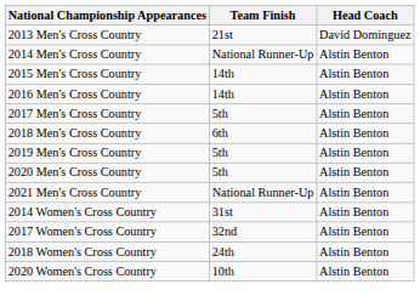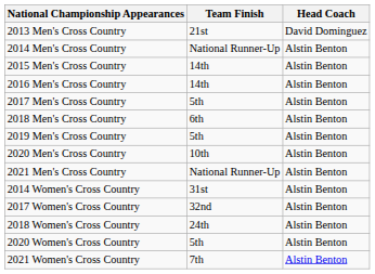 <table class="wikitable">
 <tr>
 <th>National Championship Appearances</th>
 <th>Team Finish</th>
 <th>Head Coach</th>
 </tr>
 <tr>
 <td>2013 Men's Cross Country</td>
 <td>21st</td>
 <td>David Dominguez</td>
 </tr>
 <tr>
 <td>2014 Men's Cross Country</td>
 <td>National Runner-Up</td>
 <td>Alstin Benton</td>
 </tr>
 <tr>
 <td>2015 Men's Cross Country</td>
 <td>14th</td>
 <td>Alstin Benton</td>
 </tr>
 <tr>
 <td>2016 Men's Cross Country</td>
 <td>14th</td>
 <td>Alstin Benton</td>
 </tr>
 <tr>
 <td>2017 Men's Cross Country</td>
 <td>5th</td>
 <td>Alstin Benton</td>
 </tr>
 <tr>
 <td>2018 Men's Cross Country</td>
 <td>6th</td>
 <td>Alstin Benton</td>
 </tr>
 <tr>
 <td>2019 Men's Cross Country</td>
 <td>5th</td>
 <td>Alstin Benton</td>
 </tr>
 <tr>
 <td>2020 Men's Cross Country</td>
-<td>5th</td>
+<td>10th</td>
 <td>Alstin Benton</td>
 </tr>
 <tr>
 <td>2021 Men's Cross Country</td>
 <td>National Runner-Up</td>
 <td>Alstin Benton</td>
 </tr>
 <tr>
 <td>2014 Women's Cross Country</td>
 <td>31st</td>
 <td>Alstin Benton</td>
 </tr>
 <tr>
 <td>2017 Women's Cross Country</td>
 <td>32nd</td>
 <td>Alstin Benton</td>
 </tr>
 <tr>
 <td>2018 Women's Cross Country</td>
 <td>24th</td>
 <td>Alstin Benton</td>
 </tr>
 <tr>
 <td>2020 Women's Cross Country</td>
-<td>10th</td>
+<td>5th</td>
 <td>Alstin Benton</td>
 </tr>
+<tr>
+<td>2021 Women's Cross Country</td>
+<td>7th</td>
+<td><a href='#'>Alstin Benton</a></td>
+</tr>
 </table>
